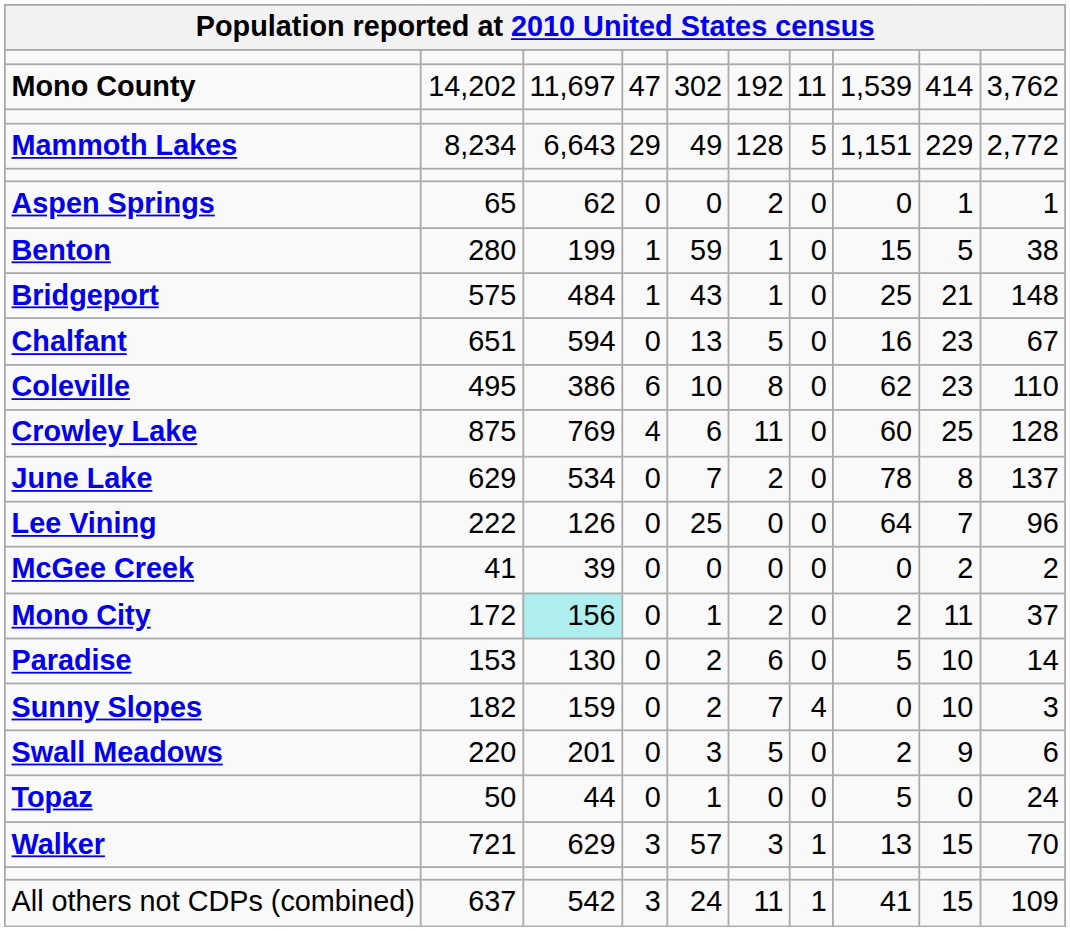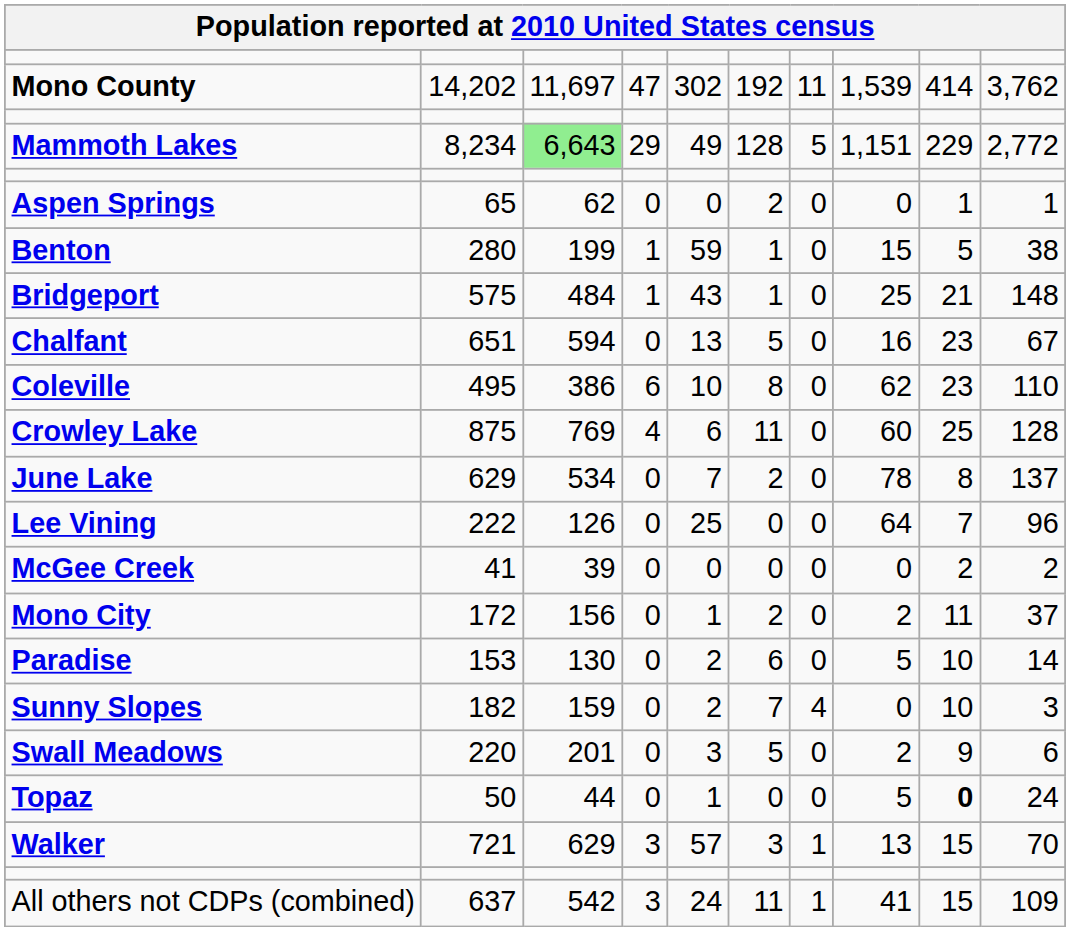 <table class="wikitable collapsible collapsed">
 <tr>
 <th colspan=10>Population reported at <a href='#'>2010 United States census</a></th>
 </tr>
 <tr>
 <td></td>
 <td></td>
 <td></td>
 <td></td>
 <td></td>
 <td></td>
 <td></td>
 <td></td>
 <td></td>
 <td></td>
 </tr>
 <tr>
 <td><strong> Mono County</strong></td>
 <td align="right">14,202</td>
 <td align="right">11,697</td>
 <td align="right">47</td>
 <td align="right">302</td>
 <td align="right">192</td>
 <td align="right">11</td>
 <td align="right">1,539</td>
 <td align="right">414</td>
 <td align="right">3,762</td>
 </tr>
 <tr>
 <td></td>
 <td></td>
 <td></td>
 <td></td>
 <td></td>
 <td></td>
 <td></td>
 <td></td>
 <td></td>
 <td></td>
 </tr>
 <tr>
 <td><strong><a href='#'>Mammoth Lakes</a></strong></td>
 <td align="right">8,234</td>
-<td align="right">6,643</td>
+<td align="right" style="background: lightgreen;">6,643</td>
 <td align="right">29</td>
 <td align="right">49</td>
 <td align="right">128</td>
 <td align="right">5</td>
 <td align="right">1,151</td>
 <td align="right">229</td>
 <td align="right">2,772</td>
 </tr>
 <tr>
 <td></td>
 <td></td>
 <td></td>
 <td></td>
 <td></td>
 <td></td>
 <td></td>
 <td></td>
 <td></td>
 <td></td>
 </tr>
 <tr>
 <td><strong><a href='#'>Aspen Springs</a></strong></td>
 <td align="right">65</td>
 <td align="right">62</td>
 <td align="right">0</td>
 <td align="right">0</td>
 <td align="right">2</td>
 <td align="right">0</td>
 <td align="right">0</td>
 <td align="right">1</td>
 <td align="right">1</td>
 </tr>
 <tr>
 <td><strong><a href='#'>Benton</a></strong></td>
 <td align="right">280</td>
 <td align="right">199</td>
 <td align="right">1</td>
 <td align="right">59</td>
 <td align="right">1</td>
 <td align="right">0</td>
 <td align="right">15</td>
 <td align="right">5</td>
 <td align="right">38</td>
 </tr>
 <tr>
 <td><strong><a href='#'>Bridgeport</a></strong></td>
 <td align="right">575</td>
 <td align="right">484</td>
 <td align="right">1</td>
 <td align="right">43</td>
 <td align="right">1</td>
 <td align="right">0</td>
 <td align="right">25</td>
 <td align="right">21</td>
 <td align="right">148</td>
 </tr>
 <tr>
 <td><strong><a href='#'>Chalfant</a></strong></td>
 <td align="right">651</td>
 <td align="right">594</td>
 <td align="right">0</td>
 <td align="right">13</td>
 <td align="right">5</td>
 <td align="right">0</td>
 <td align="right">16</td>
 <td align="right">23</td>
 <td align="right">67</td>
 </tr>
 <tr>
 <td><strong><a href='#'>Coleville</a></strong></td>
 <td align="right">495</td>
 <td align="right">386</td>
 <td align="right">6</td>
 <td align="right">10</td>
 <td align="right">8</td>
 <td align="right">0</td>
 <td align="right">62</td>
 <td align="right">23</td>
 <td align="right">110</td>
 </tr>
 <tr>
 <td><strong><a href='#'>Crowley Lake</a></strong></td>
 <td align="right">875</td>
 <td align="right">769</td>
 <td align="right">4</td>
 <td align="right">6</td>
 <td align="right">11</td>
 <td align="right">0</td>
 <td align="right">60</td>
 <td align="right">25</td>
 <td align="right">128</td>
 </tr>
 <tr>
 <td><strong><a href='#'>June Lake</a></strong></td>
 <td align="right">629</td>
 <td align="right">534</td>
 <td align="right">0</td>
 <td align="right">7</td>
 <td align="right">2</td>
 <td align="right">0</td>
 <td align="right">78</td>
 <td align="right">8</td>
 <td align="right">137</td>
 </tr>
 <tr>
 <td><strong><a href='#'>Lee Vining</a></strong></td>
 <td align="right">222</td>
 <td align="right">126</td>
 <td align="right">0</td>
 <td align="right">25</td>
 <td align="right">0</td>
 <td align="right">0</td>
 <td align="right">64</td>
 <td align="right">7</td>
 <td align="right">96</td>
 </tr>
 <tr>
 <td><strong><a href='#'>McGee Creek</a></strong></td>
 <td align="right">41</td>
 <td align="right">39</td>
 <td align="right">0</td>
 <td align="right">0</td>
 <td align="right">0</td>
 <td align="right">0</td>
 <td align="right">0</td>
 <td align="right">2</td>
 <td align="right">2</td>
 </tr>
 <tr>
 <td><strong><a href='#'>Mono City</a></strong></td>
 <td align="right">172</td>
-<td align="right" style="background: paleturquoise;">156</td>
+<td align="right">156</td>
 <td align="right">0</td>
 <td align="right">1</td>
 <td align="right">2</td>
 <td align="right">0</td>
 <td align="right">2</td>
 <td align="right">11</td>
 <td align="right">37</td>
 </tr>
 <tr>
 <td><strong><a href='#'>Paradise</a></strong></td>
 <td align="right">153</td>
 <td align="right">130</td>
 <td align="right">0</td>
 <td align="right">2</td>
 <td align="right">6</td>
 <td align="right">0</td>
 <td align="right">5</td>
 <td align="right">10</td>
 <td align="right">14</td>
 </tr>
 <tr>
 <td><strong><a href='#'>Sunny Slopes</a></strong></td>
 <td align="right">182</td>
 <td align="right">159</td>
 <td align="right">0</td>
 <td align="right">2</td>
 <td align="right">7</td>
 <td align="right">4</td>
 <td align="right">0</td>
 <td align="right">10</td>
 <td align="right">3</td>
 </tr>
 <tr>
 <td><strong><a href='#'>Swall Meadows</a></strong></td>
 <td align="right">220</td>
 <td align="right">201</td>
 <td align="right">0</td>
 <td align="right">3</td>
 <td align="right">5</td>
 <td align="right">0</td>
 <td align="right">2</td>
 <td align="right">9</td>
 <td align="right">6</td>
 </tr>
 <tr>
 <td><strong><a href='#'>Topaz</a></strong></td>
 <td align="right">50</td>
 <td align="right">44</td>
 <td align="right">0</td>
 <td align="right">1</td>
 <td align="right">0</td>
 <td align="right">0</td>
 <td align="right">5</td>
-<td align="right">0</td>
+<td align="right"><strong>0</strong></td>
 <td align="right">24</td>
 </tr>
 <tr>
 <td><strong><a href='#'>Walker</a></strong></td>
 <td align="right">721</td>
 <td align="right">629</td>
 <td align="right">3</td>
 <td align="right">57</td>
 <td align="right">3</td>
 <td align="right">1</td>
 <td align="right">13</td>
 <td align="right">15</td>
 <td align="right">70</td>
 </tr>
 <tr>
 <td></td>
 <td></td>
 <td></td>
 <td></td>
 <td></td>
 <td></td>
 <td></td>
 <td></td>
 <td></td>
 <td></td>
 </tr>
 <tr>
 <td>All others not CDPs (combined)</td>
 <td align="right">637</td>
 <td align="right">542</td>
 <td align="right">3</td>
 <td align="right">24</td>
 <td align="right">11</td>
 <td align="right">1</td>
 <td align="right">41</td>
 <td align="right">15</td>
 <td align="right">109</td>
 </tr>
 </table>
